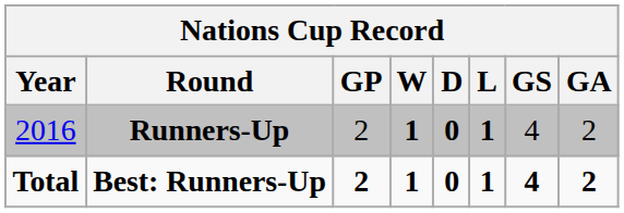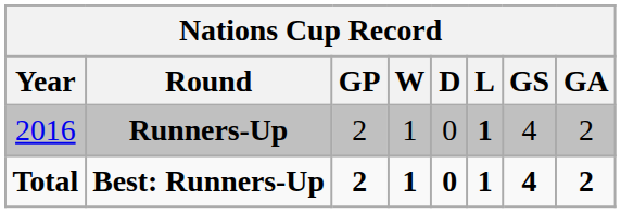 <table class="wikitable" style="text-align: center;font-size:89%;">
 <tr>
 <th colspan=8>Nations Cup Record</th>
 </tr>
 <tr>
 <th>Year</th>
 <th>Round</th>
 <th>GP</th>
 <th>W</th>
 <th>D</th>
 <th>L</th>
 <th>GS</th>
 <th>GA</th>
 </tr>
 <tr bgcolor=silver>
 <td> <a href='#'>2016</a></td>
 <td><strong>Runners-Up</strong></td>
 <td>2</td>
-<td><strong>1</strong></td>
-<td><strong>0</strong></td>
+<td>1</td>
+<td>0</td>
 <td><strong>1</strong></td>
 <td>4</td>
 <td>2</td>
 </tr>
 <tr>
 <td><strong>Total</strong></td>
 <td><strong>Best: Runners-Up</strong></td>
 <td><strong>2</strong></td>
 <td><strong>1</strong></td>
 <td><strong>0</strong></td>
 <td><strong>1</strong></td>
 <td><strong>4</strong></td>
 <td><strong>2</strong></td>
 </tr>
 </table>
